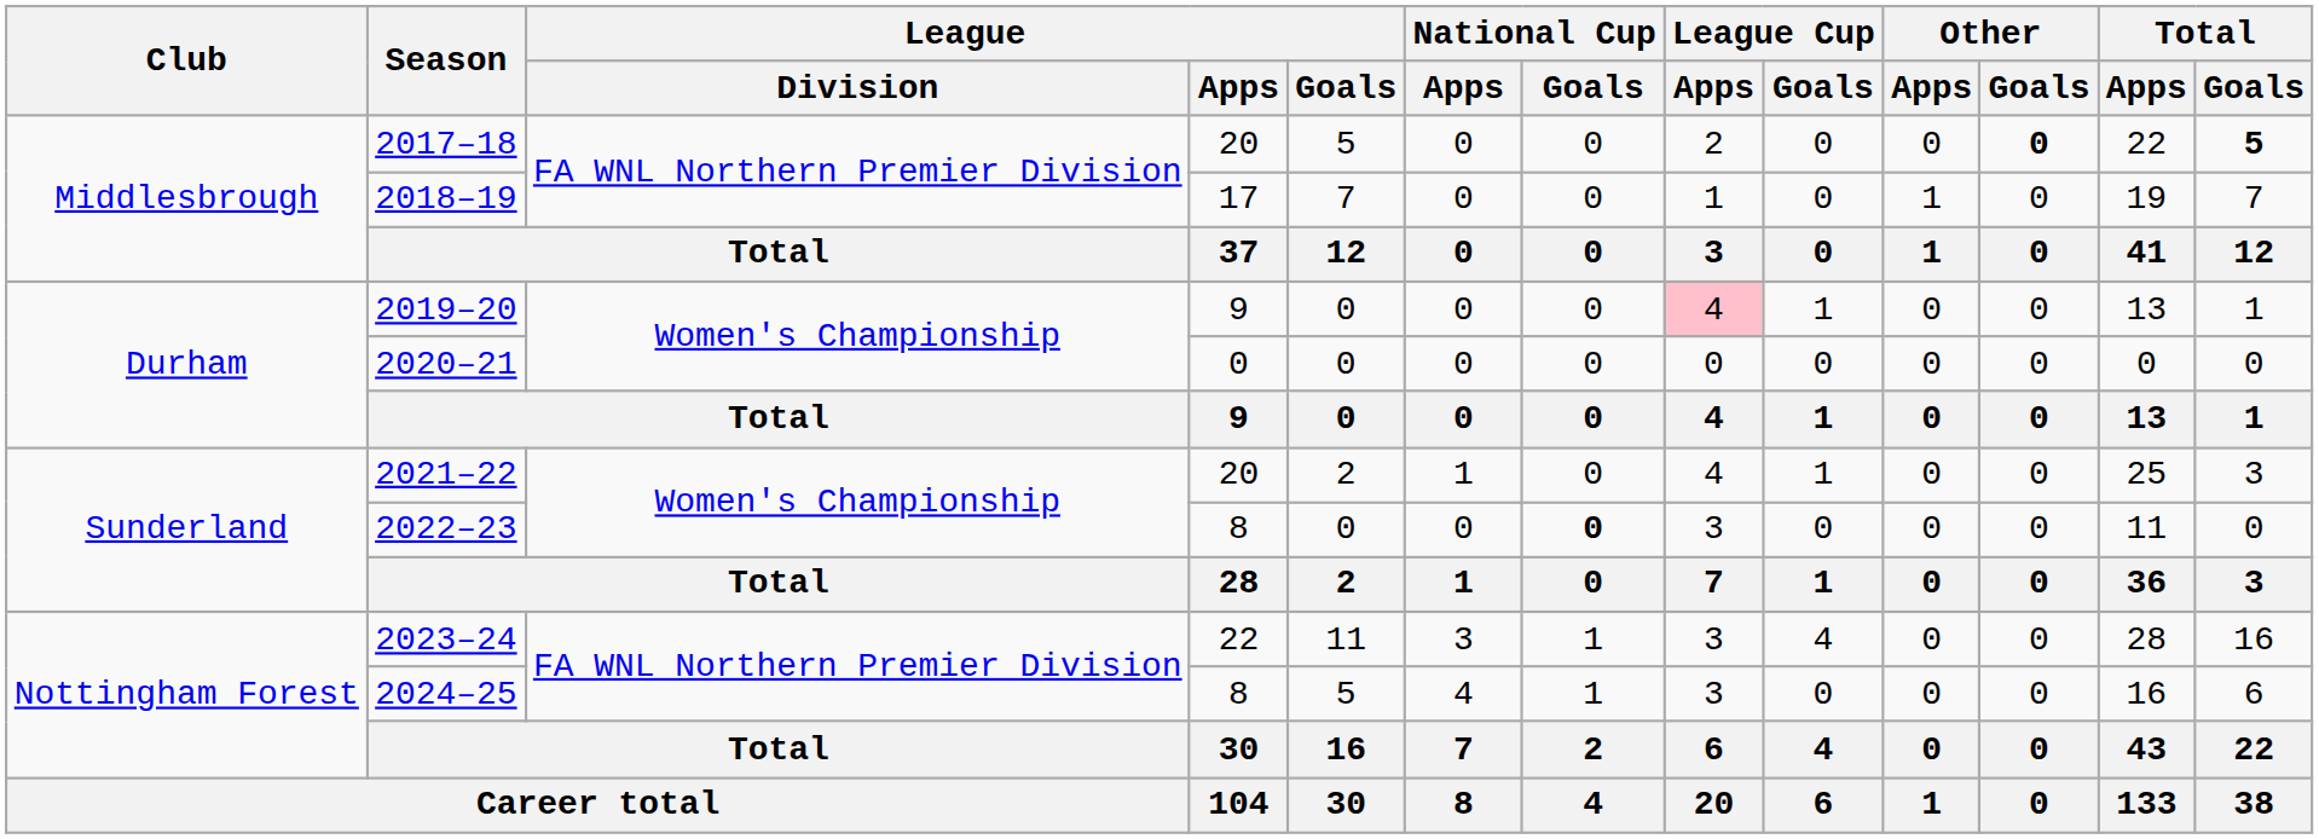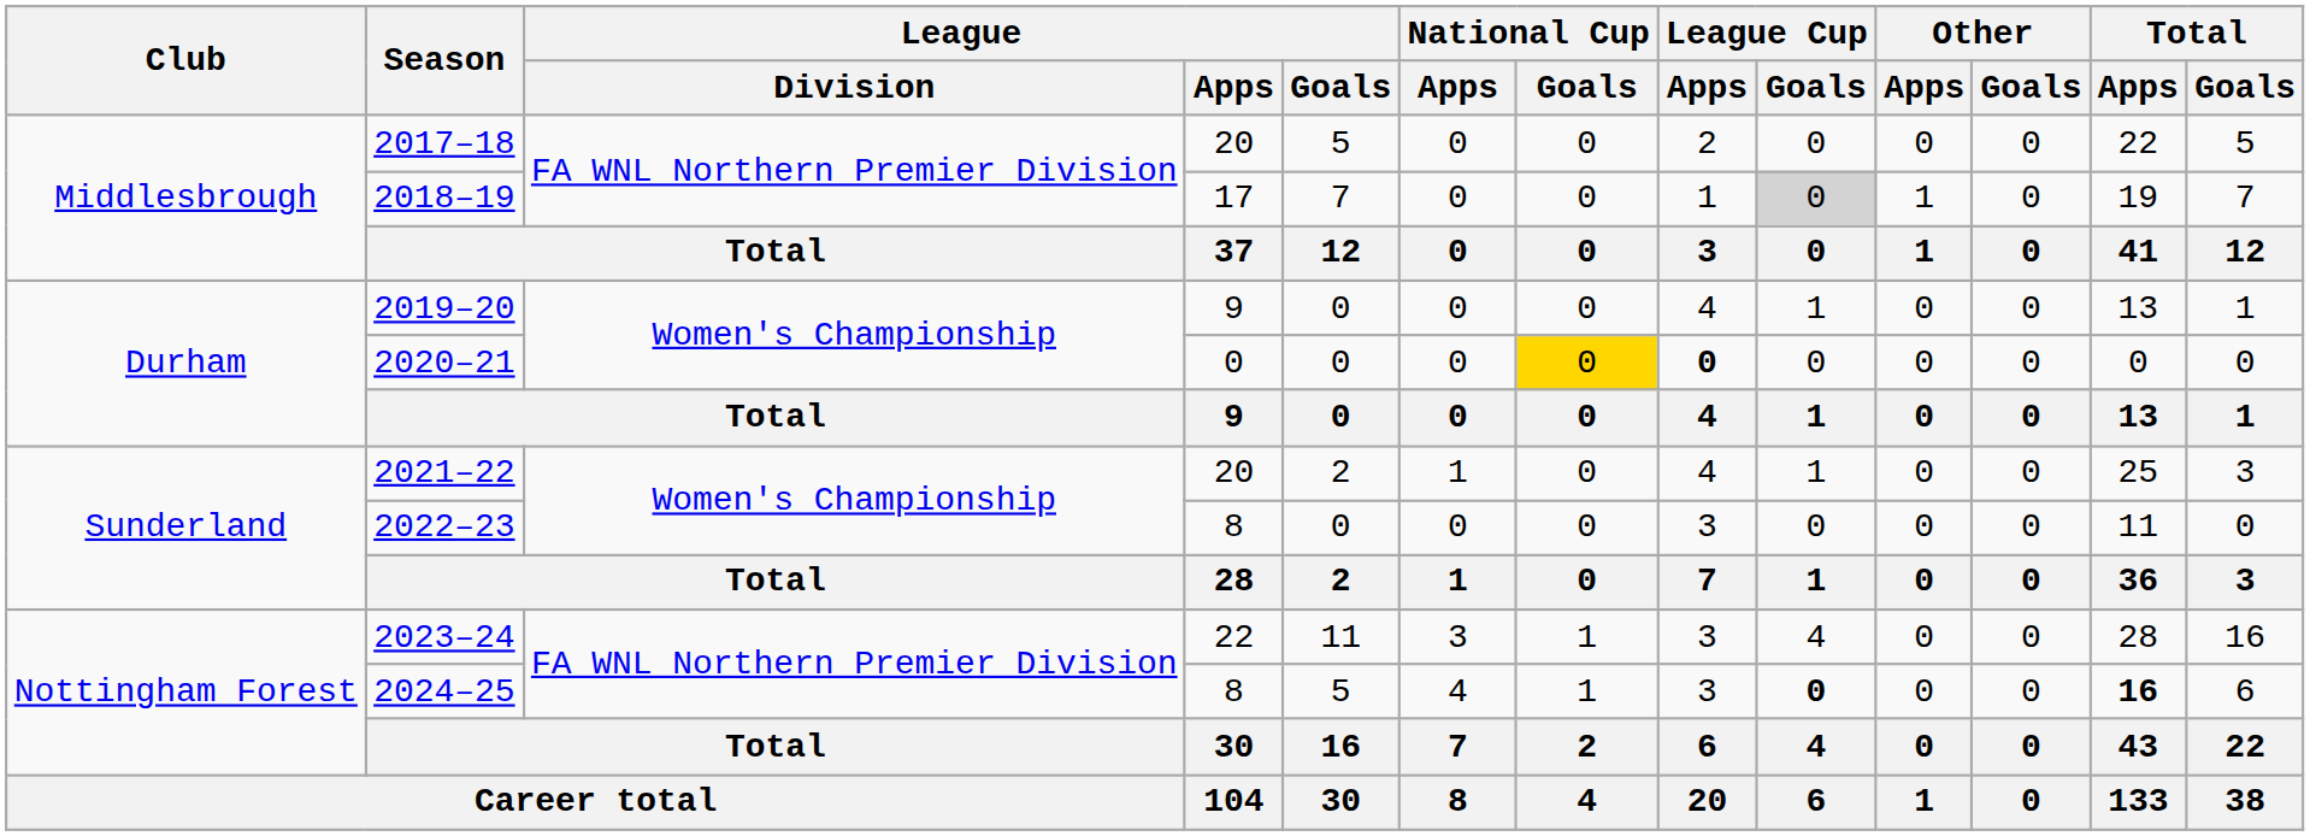 <table class="wikitable" style="text-align: center">
 <tr>
 <th rowspan="2">Club</th>
 <th rowspan="2">Season</th>
 <th colspan="3">League</th>
 <th colspan="2">National Cup</th>
 <th colspan="2">League Cup</th>
 <th colspan="2">Other</th>
 <th colspan="2">Total</th>
 </tr>
 <tr>
 <th>Division</th>
 <th>Apps</th>
 <th>Goals</th>
 <th>Apps</th>
 <th>Goals</th>
 <th>Apps</th>
 <th>Goals</th>
 <th>Apps</th>
 <th>Goals</th>
 <th>Apps</th>
 <th>Goals</th>
 </tr>
 <tr>
 <td rowspan="3"><a href='#'>Middlesbrough</a></td>
 <td><a href='#'>2017–18</a></td>
 <td rowspan="2"><a href='#'>FA WNL Northern Premier Division</a></td>
 <td>20</td>
 <td>5</td>
 <td>0</td>
 <td>0</td>
 <td>2</td>
 <td>0</td>
 <td>0</td>
-<td><strong>0</strong></td>
+<td>0</td>
 <td>22</td>
-<td><strong>5</strong></td>
+<td>5</td>
 </tr>
 <tr>
 <td><a href='#'>2018–19</a></td>
 <td>17</td>
 <td>7</td>
 <td>0</td>
 <td>0</td>
 <td>1</td>
-<td>0</td>
+<td style="background: lightgrey;">0</td>
 <td>1</td>
 <td>0</td>
 <td>19</td>
 <td>7</td>
 </tr>
 <tr>
 <th colspan="2"><strong>Total</strong></th>
 <th>37</th>
 <th>12</th>
 <th>0</th>
 <th>0</th>
 <th>3</th>
 <th>0</th>
 <th>1</th>
 <th>0</th>
 <th>41</th>
 <th>12</th>
 </tr>
 <tr>
 <td rowspan="3"><a href='#'>Durham</a></td>
 <td><a href='#'>2019–20</a></td>
 <td rowspan="2"><a href='#'>Women's Championship</a></td>
 <td>9</td>
 <td>0</td>
 <td>0</td>
 <td>0</td>
-<td style="background: pink;">4</td>
+<td>4</td>
 <td>1</td>
 <td>0</td>
 <td>0</td>
 <td>13</td>
 <td>1</td>
 </tr>
 <tr>
 <td><a href='#'>2020–21</a></td>
 <td>0</td>
 <td>0</td>
 <td>0</td>
-<td>0</td>
-<td>0</td>
+<td style="background: gold;">0</td>
+<td><strong>0</strong></td>
 <td>0</td>
 <td>0</td>
 <td>0</td>
 <td>0</td>
 <td>0</td>
 </tr>
 <tr>
 <th colspan="2"><strong>Total</strong></th>
 <th>9</th>
 <th>0</th>
 <th>0</th>
 <th>0</th>
 <th>4</th>
 <th>1</th>
 <th>0</th>
 <th>0</th>
 <th>13</th>
 <th>1</th>
 </tr>
 <tr>
 <td rowspan="3"><a href='#'>Sunderland</a></td>
 <td><a href='#'>2021–22</a></td>
 <td rowspan="2"><a href='#'>Women's Championship</a></td>
 <td>20</td>
 <td>2</td>
 <td>1</td>
 <td>0</td>
 <td>4</td>
 <td>1</td>
 <td>0</td>
 <td>0</td>
 <td>25</td>
 <td>3</td>
 </tr>
 <tr>
 <td><a href='#'>2022–23</a></td>
 <td>8</td>
 <td>0</td>
 <td>0</td>
-<td><strong>0</strong></td>
+<td>0</td>
 <td>3</td>
 <td>0</td>
 <td>0</td>
 <td>0</td>
 <td>11</td>
 <td>0</td>
 </tr>
 <tr>
 <th colspan="2"><strong>Total</strong></th>
 <th>28</th>
 <th>2</th>
 <th>1</th>
 <th>0</th>
 <th>7</th>
 <th>1</th>
 <th>0</th>
 <th>0</th>
 <th>36</th>
 <th>3</th>
 </tr>
 <tr>
 <td rowspan="3"><a href='#'>Nottingham Forest</a></td>
 <td><a href='#'>2023–24</a></td>
 <td rowspan="2"><a href='#'>FA WNL Northern Premier Division</a></td>
 <td>22</td>
 <td>11</td>
 <td>3</td>
 <td>1</td>
 <td>3</td>
 <td>4</td>
 <td>0</td>
 <td>0</td>
 <td>28</td>
 <td>16</td>
 </tr>
 <tr>
 <td><a href='#'>2024–25</a></td>
 <td>8</td>
 <td>5</td>
 <td>4</td>
 <td>1</td>
 <td>3</td>
+<td><strong>0</strong></td>
 <td>0</td>
 <td>0</td>
-<td>0</td>
-<td>16</td>
+<td><strong>16</strong></td>
 <td>6</td>
 </tr>
 <tr>
 <th colspan="2"><strong>Total</strong></th>
 <th>30</th>
 <th>16</th>
 <th>7</th>
 <th>2</th>
 <th>6</th>
 <th>4</th>
 <th>0</th>
 <th>0</th>
 <th>43</th>
 <th>22</th>
 </tr>
 <tr>
 <th colspan="3"><strong>Career total</strong></th>
 <th>104</th>
 <th>30</th>
 <th>8</th>
 <th>4</th>
 <th>20</th>
 <th>6</th>
 <th>1</th>
 <th>0</th>
 <th>133</th>
 <th>38</th>
 </tr>
 </table>
